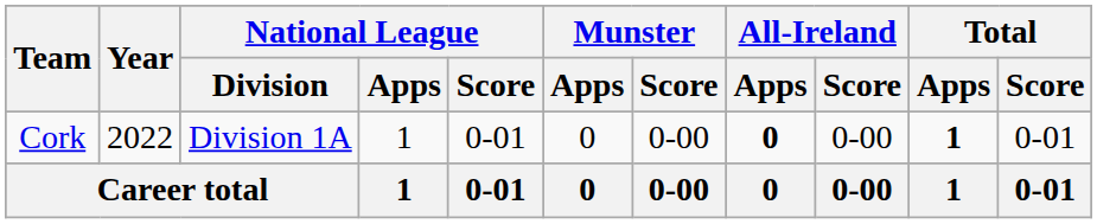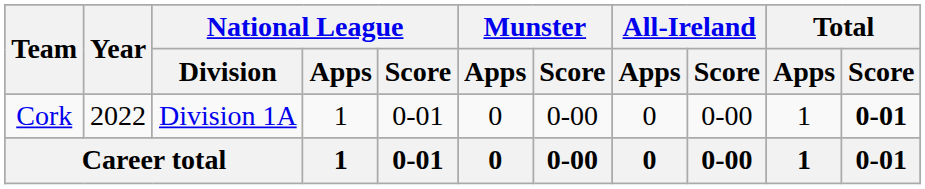 <table class="wikitable" style="text-align:center">
 <tr>
 <th rowspan="2">Team</th>
 <th rowspan="2">Year</th>
 <th colspan="3"><a href='#'>National League</a></th>
 <th colspan="2"><a href='#'>Munster</a></th>
 <th colspan="2"><a href='#'>All-Ireland</a></th>
 <th colspan="2">Total</th>
 </tr>
 <tr>
 <th>Division</th>
 <th>Apps</th>
 <th>Score</th>
 <th>Apps</th>
 <th>Score</th>
 <th>Apps</th>
 <th>Score</th>
 <th>Apps</th>
 <th>Score</th>
 </tr>
 <tr>
 <td rowspan="1"><a href='#'>Cork</a></td>
 <td>2022</td>
 <td rowspan="1"><a href='#'>Division 1A</a></td>
 <td>1</td>
 <td>0-01</td>
 <td>0</td>
 <td>0-00</td>
-<td><strong>0</strong></td>
+<td>0</td>
 <td>0-00</td>
-<td><strong>1</strong></td>
-<td>0-01</td>
+<td>1</td>
+<td><strong>0-01</strong></td>
 </tr>
 <tr>
 <th colspan="3">Career total</th>
 <th>1</th>
 <th>0-01</th>
 <th>0</th>
 <th>0-00</th>
 <th>0</th>
 <th>0-00</th>
 <th>1</th>
 <th>0-01</th>
 </tr>
 </table>
